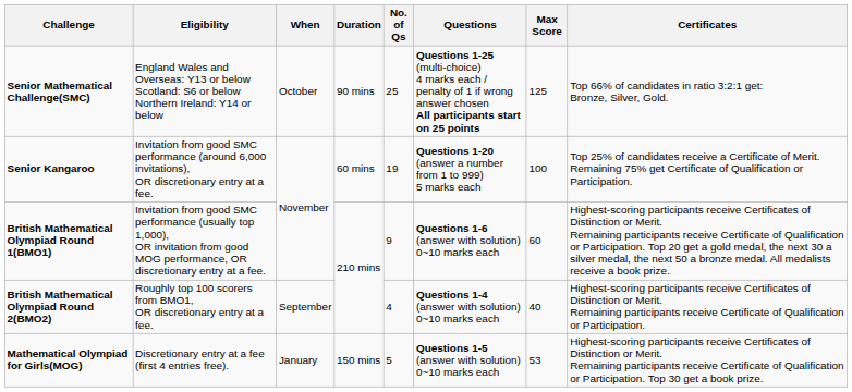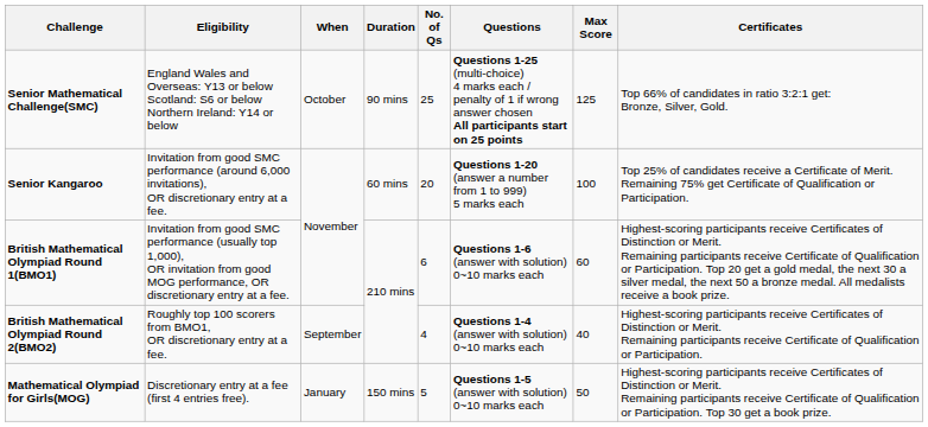 <table class="wikitable mw-collapsible">
 <tr>
 <th>Challenge</th>
 <th>Eligibility</th>
 <th>When</th>
 <th>Duration</th>
 <th>No. of Qs</th>
 <th>Questions</th>
 <th>Max Score</th>
 <th>Certificates</th>
 </tr>
 <tr>
 <td><strong>Senior Mathematical Challenge(SMC)</strong></td>
 <td>England Wales and Overseas: Y13 or below<br>Scotland: S6 or below Northern Ireland: Y14 or below</td>
 <td>October</td>
 <td>90 mins</td>
 <td>25</td>
 <td><strong>Questions 1-25</strong> (multi-choice)<br>4 marks each / penalty of 1 if wrong answer chosen<br><strong>All participants start on 25 points</strong></td>
 <td>125</td>
 <td>Top 66% of candidates in ratio 3:2:1 get:<br>Bronze, Silver, Gold.</td>
 </tr>
 <tr>
 <td><strong>Senior Kangaroo</strong></td>
 <td>Invitation from good SMC performance (around 6,000 invitations),<br>OR discretionary entry at a fee.</td>
 <td rowspan="2">November</td>
 <td>60 mins</td>
-<td>19</td>
+<td>20</td>
 <td><strong>Questions 1-20</strong> (answer a number from 1 to 999)<br>5 marks each</td>
 <td>100</td>
 <td>Top 25% of candidates receive a Certificate of Merit.<br>Remaining 75% get Certificate of Qualification or Participation.</td>
 </tr>
 <tr>
 <td><strong>British Mathematical Olympiad Round 1(BMO1)</strong></td>
 <td>Invitation from good SMC performance (usually top 1,000),<br>OR invitation from good MOG performance, OR discretionary entry at a fee.</td>
 <td rowspan="2">210 mins</td>
-<td>9</td>
+<td>6</td>
 <td><strong>Questions 1-6</strong> (answer with solution)<br>0~10 marks each</td>
 <td>60</td>
 <td>Highest-scoring participants receive Certificates of Distinction or Merit.<br>Remaining participants receive Certificate of Qualification or Participation. Top 20 get a gold medal, the next 30 a silver medal, the next 50 a bronze medal.  All medalists receive a book prize.</td>
 </tr>
 <tr>
 <td><strong>British Mathematical Olympiad Round 2(BMO2)</strong></td>
 <td>Roughly top 100 scorers from BMO1,<br>OR discretionary entry at a fee.</td>
 <td>September</td>
 <td>4</td>
 <td><strong>Questions 1-4</strong> (answer with solution)<br>0~10 marks each</td>
 <td>40</td>
 <td>Highest-scoring participants receive Certificates of Distinction or Merit.<br>Remaining participants receive Certificate of Qualification or Participation.</td>
 </tr>
 <tr>
 <td><strong>Mathematical Olympiad for Girls(MOG)</strong></td>
 <td>Discretionary entry at a fee (first 4 entries free).</td>
 <td>January</td>
 <td>150 mins</td>
 <td>5</td>
 <td><strong>Questions 1-5</strong> (answer with solution)<br>0~10 marks each</td>
-<td>53</td>
+<td>50</td>
 <td>Highest-scoring participants receive Certificates of Distinction or Merit.<br>Remaining participants receive Certificate of Qualification or Participation. Top 30 get a book prize.</td>
 </tr>
 </table>
